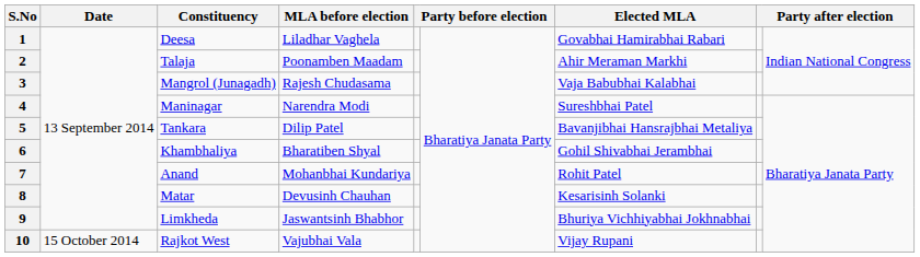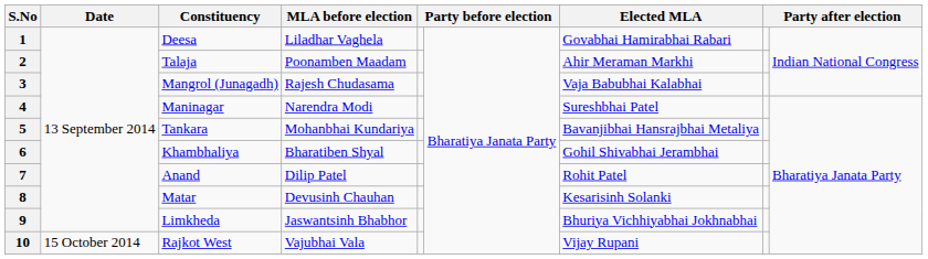 <table class="wikitable sortable">
 <tr>
 <th>S.No</th>
 <th>Date</th>
 <th>Constituency</th>
 <th>MLA before election</th>
 <th colspan="2">Party before election</th>
 <th>Elected MLA</th>
 <th colspan="2">Party after election</th>
 </tr>
 <tr>
 <th>1</th>
 <td rowspan="9">13 September 2014</td>
 <td><a href='#'>Deesa</a></td>
 <td><a href='#'>Liladhar Vaghela</a></td>
 <td></td>
 <td rowspan="10"><a href='#'>Bharatiya Janata Party</a></td>
 <td><a href='#'>Govabhai Hamirabhai Rabari</a></td>
 <td></td>
 <td rowspan="3"><a href='#'>Indian National Congress</a></td>
 </tr>
 <tr>
 <th>2</th>
 <td><a href='#'>Talaja</a></td>
 <td><a href='#'>Poonamben Maadam</a></td>
 <td></td>
 <td><a href='#'>Ahir Meraman Markhi</a></td>
 <td></td>
 </tr>
 <tr>
 <th>3</th>
 <td><a href='#'>Mangrol (Junagadh)</a></td>
 <td><a href='#'>Rajesh Chudasama</a></td>
 <td></td>
 <td><a href='#'>Vaja Babubhai Kalabhai</a></td>
 <td></td>
 </tr>
 <tr>
 <th>4</th>
 <td><a href='#'>Maninagar</a></td>
 <td><a href='#'>Narendra Modi</a></td>
 <td></td>
 <td><a href='#'>Sureshbhai Patel</a></td>
 <td></td>
 <td rowspan="7"><a href='#'>Bharatiya Janata Party</a></td>
 </tr>
 <tr>
 <th>5</th>
 <td><a href='#'>Tankara</a></td>
-<td><a href='#'>Dilip Patel</a></td>
+<td><a href='#'>Mohanbhai Kundariya</a></td>
 <td></td>
 <td><a href='#'>Bavanjibhai Hansrajbhai Metaliya</a></td>
 <td></td>
 </tr>
 <tr>
 <th>6</th>
 <td><a href='#'>Khambhaliya</a></td>
 <td><a href='#'>Bharatiben Shyal</a></td>
 <td></td>
 <td><a href='#'>Gohil Shivabhai Jerambhai</a></td>
 <td></td>
 </tr>
 <tr>
 <th>7</th>
 <td><a href='#'>Anand</a></td>
-<td><a href='#'>Mohanbhai Kundariya</a></td>
+<td><a href='#'>Dilip Patel</a></td>
 <td></td>
 <td><a href='#'>Rohit Patel</a></td>
 <td></td>
 </tr>
 <tr>
 <th>8</th>
 <td><a href='#'>Matar</a></td>
 <td><a href='#'>Devusinh Chauhan</a></td>
 <td></td>
 <td><a href='#'>Kesarisinh Solanki</a></td>
 <td></td>
 </tr>
 <tr>
 <th>9</th>
 <td><a href='#'>Limkheda</a></td>
 <td><a href='#'>Jaswantsinh Bhabhor</a></td>
 <td></td>
 <td><a href='#'>Bhuriya Vichhiyabhai Jokhnabhai</a></td>
 <td></td>
 </tr>
 <tr>
 <th>10</th>
 <td>15 October 2014</td>
 <td><a href='#'>Rajkot West</a></td>
 <td><a href='#'>Vajubhai Vala</a></td>
 <td></td>
 <td><a href='#'>Vijay Rupani</a></td>
 <td></td>
 </tr>
 </table>
